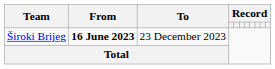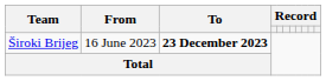 <table class="wikitable" style="text-align: center">
 <tr>
 <th rowspan="2">Team</th>
 <th rowspan="2">From</th>
 <th rowspan="2">To</th>
 <th colspan="8">Record</th>
 </tr>
 <tr>
 <th></th>
 <th></th>
 <th></th>
 <th></th>
 <th></th>
 <th></th>
 <th></th>
 <th></th>
 </tr>
 <tr>
 <td align=left><a href='#'>Široki Brijeg</a></td>
-<td align=left><strong>16 June 2023</strong></td>
-<td align=left>23 December 2023<br></td>
+<td align=left>16 June 2023</td>
+<td align=left><strong>23 December 2023<br></strong></td>
 </tr>
 <tr>
 <th colspan="3">Total<br></th>
 </tr>
 </table>
